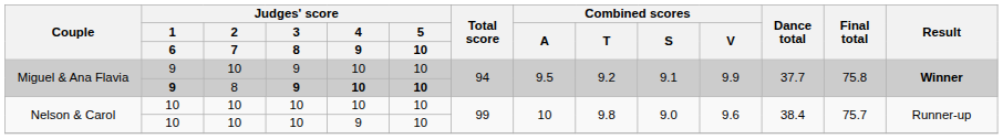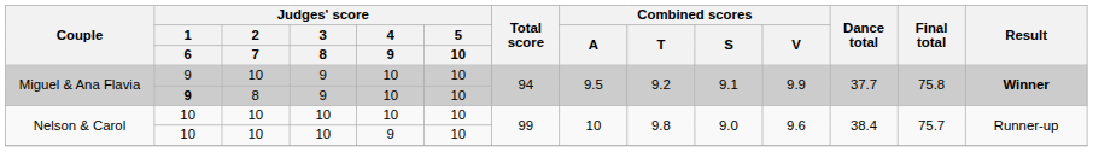 <table class="wikitable" style="font-size:100%; line-height:16px; text-align:center" width="100%">
 <tr>
 <th rowspan=3 width="11.00%">Couple</th>
 <th colspan=5 width="25.00%">Judges' score</th>
 <th rowspan=3 width="05.00%">Total<br>score</th>
 <th colspan=4 width="20.00%">Combined scores</th>
 <th rowspan=3 width="05.00%">Dance<br>total</th>
 <th rowspan=3 width="05.00%">Final<br>total</th>
 <th rowspan=3 width="09.00%">Result</th>
 </tr>
 <tr>
 <th width="05.00%">1</th>
 <th width="05.00%">2</th>
 <th width="05.00%">3</th>
 <th width="05.00%">4</th>
 <th width="05.00%">5</th>
 <th width="05.00%" rowspan=2>A</th>
 <th width="05.00%" rowspan=2>T</th>
 <th width="05.00%" rowspan=2>S</th>
 <th width="05.00%" rowspan=2>V</th>
 </tr>
 <tr>
 <th>6</th>
 <th>7</th>
 <th>8</th>
 <th>9</th>
 <th>10</th>
 </tr>
 <tr bgcolor="CCCCCC">
 <td rowspan=2>Miguel & Ana Flavia</td>
 <td>9</td>
 <td>10</td>
 <td>9</td>
 <td>10</td>
 <td>10</td>
 <td rowspan=2>94</td>
 <td rowspan=2>9.5</td>
 <td rowspan=2>9.2</td>
 <td rowspan=2>9.1</td>
 <td rowspan=2>9.9</td>
 <td rowspan=2>37.7</td>
 <td rowspan=2>75.8</td>
 <td rowspan=2><strong>Winner</strong></td>
 </tr>
 <tr bgcolor="CCCCCC">
 <td><strong>9</strong></td>
 <td>8</td>
-<td><strong>9</strong></td>
-<td><strong>10</strong></td>
-<td><strong>10</strong></td>
+<td>9</td>
+<td>10</td>
+<td>10</td>
 </tr>
 <tr>
 <td rowspan=2>Nelson & Carol</td>
 <td>10</td>
 <td>10</td>
 <td>10</td>
 <td>10</td>
 <td>10</td>
 <td rowspan=2>99</td>
 <td rowspan=2>10</td>
 <td rowspan=2>9.8</td>
 <td rowspan=2>9.0</td>
 <td rowspan=2>9.6</td>
 <td rowspan=2>38.4</td>
 <td rowspan=2>75.7</td>
 <td rowspan=2>Runner-up</td>
 </tr>
 <tr>
 <td>10</td>
 <td>10</td>
 <td>10</td>
 <td>9</td>
 <td>10</td>
 </tr>
 <tr>
 </tr>
 </table>
